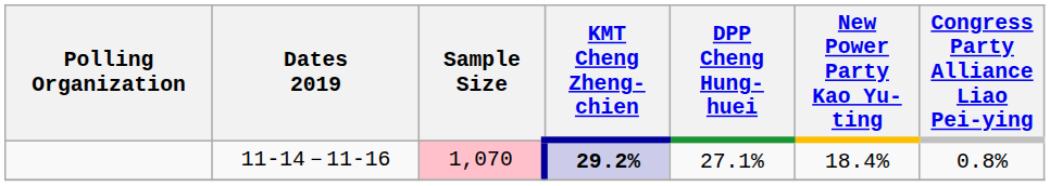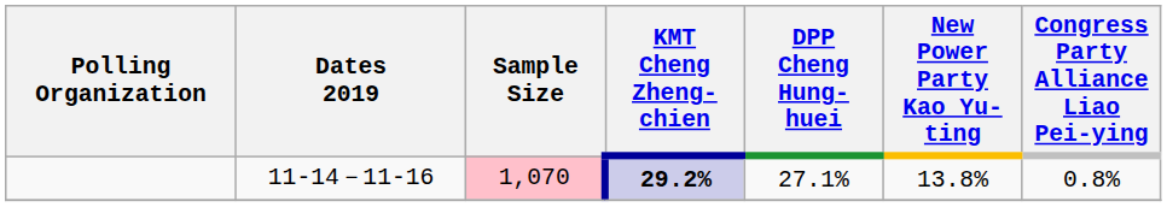 <table class="wikitable collapsible" style="text-align:center;">
 <tr>
 <th width=120px>Polling Organization</th>
 <th width=120px>Dates<br>2019</th>
 <th width=70px>Sample Size</th>
 <th style="width:70px; border-bottom:4px solid #000099;"><a href='#'>KMT</a><br><a href='#'>Cheng Zheng-chien</a></th>
 <th style="width:70px; border-bottom:4px solid #1B9431;"><a href='#'>DPP</a><br><a href='#'>Cheng Hung-huei</a></th>
 <th style="width:70px; border-bottom:4px solid #FBBE01;"><a href='#'>New Power Party</a><br><a href='#'>Kao Yu-ting</a></th>
 <th style="width:70px; border-bottom:4px solid #C0C0C0;"><a href='#'>Congress Party Alliance</a><br><a href='#'>Liao Pei-ying</a></th>
 </tr>
 <tr>
 <td></td>
 <td>11-14－11-16</td>
 <td style="background: pink;">1,070</td>
 <td style="border-left:4px solid #000099;" bgcolor="#ccccea"><strong>29.2%</strong></td>
 <td>27.1%</td>
-<td>18.4%</td>
+<td>13.8%</td>
 <td>0.8%</td>
 </tr>
 <tr>
 </tr>
 </table>
